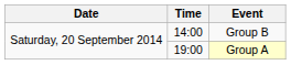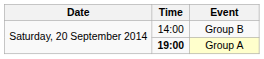 <table class = "wikitable" style="text-align:center;">
 <tr>
 <th width=220>Date</th>
 <th width=50>Time</th>
 <th width=100>Event</th>
 </tr>
 <tr>
 <td rowspan=2>Saturday, 20 September 2014</td>
 <td>14:00</td>
 <td>Group B</td>
 </tr>
 <tr>
-<td>19:00</td>
+<td><strong>19:00</strong></td>
 <td bgcolor=ffffcc>Group A</td>
 </tr>
 </table>
